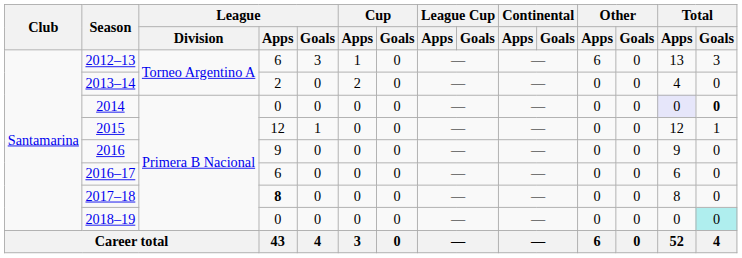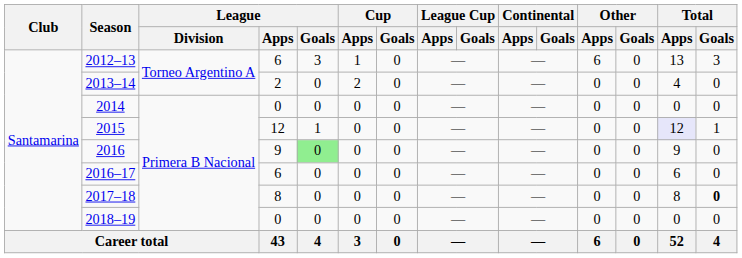 <table class="wikitable" style="text-align:center">
 <tr>
 <th rowspan="2">Club</th>
 <th rowspan="2">Season</th>
 <th colspan="3">League</th>
 <th colspan="2">Cup</th>
 <th colspan="2">League Cup</th>
 <th colspan="2">Continental</th>
 <th colspan="2">Other</th>
 <th colspan="2">Total</th>
 </tr>
 <tr>
 <th>Division</th>
 <th>Apps</th>
 <th>Goals</th>
 <th>Apps</th>
 <th>Goals</th>
 <th>Apps</th>
 <th>Goals</th>
 <th>Apps</th>
 <th>Goals</th>
 <th>Apps</th>
 <th>Goals</th>
 <th>Apps</th>
 <th>Goals</th>
 </tr>
 <tr>
 <td rowspan="8"><a href='#'>Santamarina</a></td>
 <td><a href='#'>2012–13</a></td>
 <td rowspan="2"><a href='#'>Torneo Argentino A</a></td>
 <td>6</td>
 <td>3</td>
 <td>1</td>
 <td>0</td>
 <td colspan="2">—</td>
 <td colspan="2">—</td>
 <td>6</td>
 <td>0</td>
 <td>13</td>
 <td>3</td>
 </tr>
 <tr>
 <td><a href='#'>2013–14</a></td>
 <td>2</td>
 <td>0</td>
 <td>2</td>
 <td>0</td>
 <td colspan="2">—</td>
 <td colspan="2">—</td>
 <td>0</td>
 <td>0</td>
 <td>4</td>
 <td>0</td>
 </tr>
 <tr>
 <td><a href='#'>2014</a></td>
 <td rowspan="6"><a href='#'>Primera B Nacional</a></td>
 <td>0</td>
 <td>0</td>
 <td>0</td>
 <td>0</td>
 <td colspan="2">—</td>
 <td colspan="2">—</td>
 <td>0</td>
 <td>0</td>
-<td style="background: lavender;">0</td>
-<td><strong>0</strong></td>
+<td>0</td>
+<td>0</td>
 </tr>
 <tr>
 <td><a href='#'>2015</a></td>
 <td>12</td>
 <td>1</td>
 <td>0</td>
 <td>0</td>
 <td colspan="2">—</td>
 <td colspan="2">—</td>
 <td>0</td>
 <td>0</td>
-<td>12</td>
+<td style="background: lavender;">12</td>
 <td>1</td>
 </tr>
 <tr>
 <td><a href='#'>2016</a></td>
 <td>9</td>
-<td>0</td>
+<td style="background: lightgreen;">0</td>
 <td>0</td>
 <td>0</td>
 <td colspan="2">—</td>
 <td colspan="2">—</td>
 <td>0</td>
 <td>0</td>
 <td>9</td>
 <td>0</td>
 </tr>
 <tr>
 <td><a href='#'>2016–17</a></td>
 <td>6</td>
 <td>0</td>
 <td>0</td>
 <td>0</td>
 <td colspan="2">—</td>
 <td colspan="2">—</td>
 <td>0</td>
 <td>0</td>
 <td>6</td>
 <td>0</td>
 </tr>
 <tr>
 <td><a href='#'>2017–18</a></td>
-<td><strong>8</strong></td>
+<td>8</td>
 <td>0</td>
 <td>0</td>
 <td>0</td>
 <td colspan="2">—</td>
 <td colspan="2">—</td>
 <td>0</td>
 <td>0</td>
 <td>8</td>
-<td>0</td>
+<td><strong>0</strong></td>
 </tr>
 <tr>
 <td><a href='#'>2018–19</a></td>
 <td>0</td>
 <td>0</td>
 <td>0</td>
 <td>0</td>
 <td colspan="2">—</td>
 <td colspan="2">—</td>
 <td>0</td>
 <td>0</td>
 <td>0</td>
-<td style="background: paleturquoise;">0</td>
+<td>0</td>
 </tr>
 <tr>
 <th colspan="3">Career total</th>
 <th>43</th>
 <th>4</th>
 <th>3</th>
 <th>0</th>
 <th colspan="2">—</th>
 <th colspan="2">—</th>
 <th>6</th>
 <th>0</th>
 <th>52</th>
 <th>4</th>
 </tr>
 </table>
